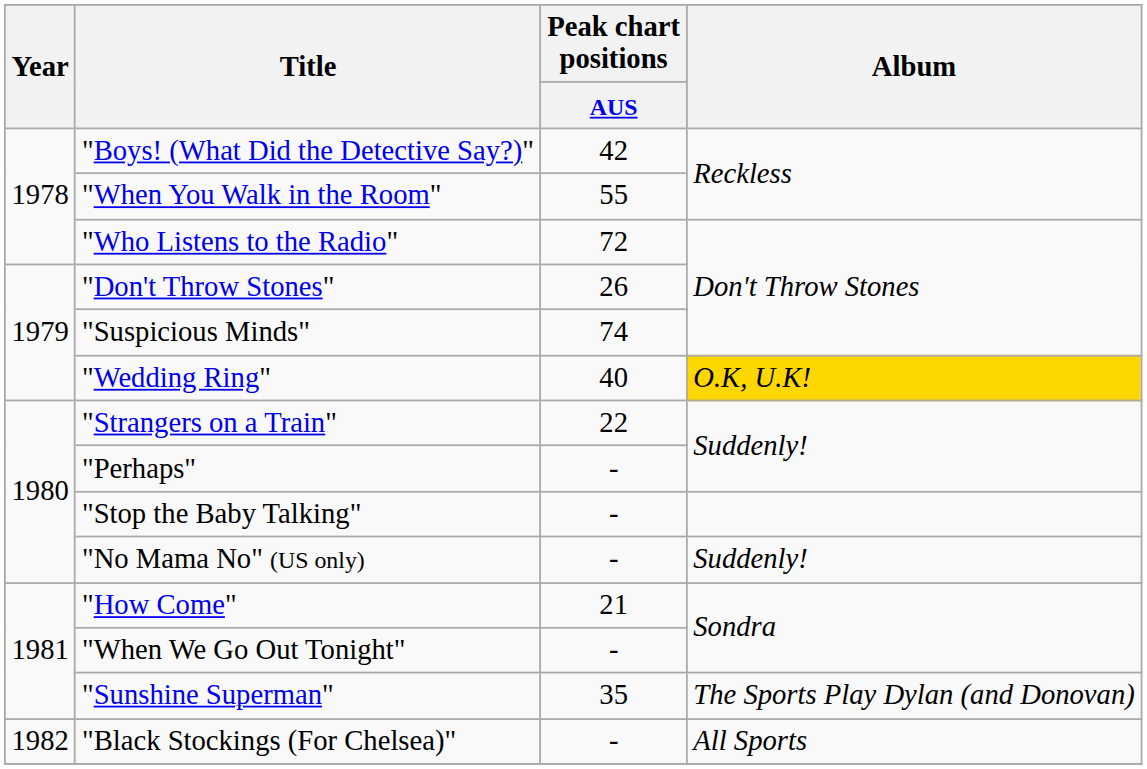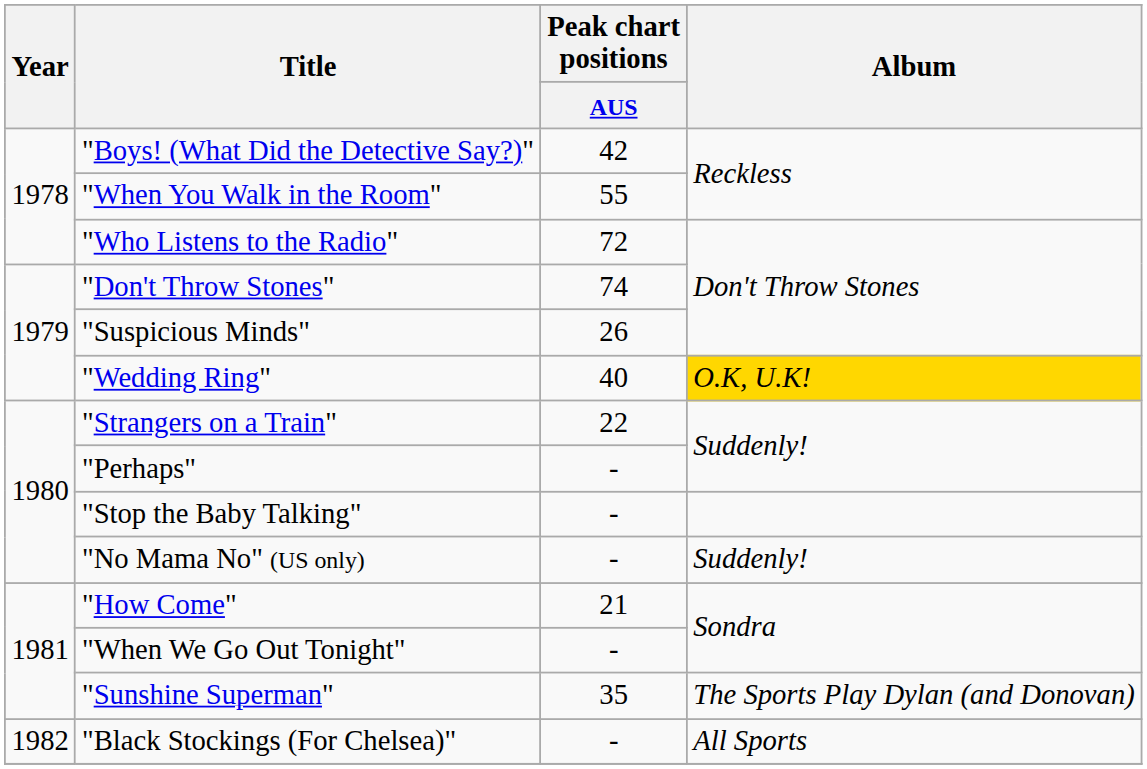 <table class="wikitable plainrowheaders">
 <tr>
 <th rowspan="2"  width="1em">Year</th>
 <th rowspan="2">Title</th>
 <th colspan="1">Peak chart<br>positions</th>
 <th rowspan="2">Album</th>
 </tr>
 <tr>
 <th scope="col" style="text-align:center;"><small><a href='#'>AUS</a></small><br></th>
 </tr>
 <tr>
 <td rowspan="3">1978</td>
 <td>"<a href='#'>Boys! (What Did the Detective Say?)</a>"</td>
 <td align="center">42</td>
 <td rowspan="2"><em>Reckless</em></td>
 </tr>
 <tr>
 <td>"<a href='#'>When You Walk in the Room</a>"</td>
 <td align="center">55</td>
 </tr>
 <tr>
 <td>"<a href='#'>Who Listens to the Radio</a>"</td>
 <td align="center">72</td>
 <td rowspan="3"><em>Don't Throw Stones</em></td>
 </tr>
 <tr>
 <td rowspan="3">1979</td>
 <td>"<a href='#'>Don't Throw Stones</a>"</td>
-<td align="center">26</td>
+<td align="center">74</td>
 </tr>
 <tr>
 <td>"Suspicious Minds"</td>
-<td align="center">74</td>
+<td align="center">26</td>
 </tr>
 <tr>
 <td>"<a href='#'>Wedding Ring</a>"</td>
 <td align="center">40</td>
 <td style="background: gold;"><em>O.K, U.K!</em></td>
 </tr>
 <tr>
 <td rowspan="4">1980</td>
 <td>"<a href='#'>Strangers on a Train</a>"</td>
 <td align="center">22</td>
 <td rowspan="2"><em>Suddenly!</em></td>
 </tr>
 <tr>
 <td>"Perhaps"</td>
 <td align="center">-</td>
 </tr>
 <tr>
 <td>"Stop the Baby Talking"</td>
 <td align="center">-</td>
 <td></td>
 </tr>
 <tr>
 <td>"No Mama No" <small>(US only)</small></td>
 <td align="center">-</td>
 <td><em>Suddenly!</em></td>
 </tr>
 <tr>
 <td rowspan="3">1981</td>
 <td>"<a href='#'>How Come</a>"</td>
 <td align="center">21</td>
 <td rowspan="2"><em>Sondra</em></td>
 </tr>
 <tr>
 <td>"When We Go Out Tonight"</td>
 <td align="center">-</td>
 </tr>
 <tr>
 <td>"<a href='#'>Sunshine Superman</a>"</td>
 <td align="center">35</td>
 <td><em>The Sports Play Dylan (and Donovan)</em></td>
 </tr>
 <tr>
 <td rowspan="1">1982</td>
 <td>"Black Stockings (For Chelsea)"</td>
 <td align="center">-</td>
 <td rowspan="1"><em>All Sports</em></td>
 </tr>
 <tr>
 </tr>
 </table>
